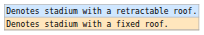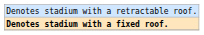 <table class="wikitable">
 <tr>
 <td bgcolor=#d0e7ff>Denotes stadium with a retractable roof.</td>
 </tr>
 <tr>
-<td bgcolor=#ffe6bd>Denotes stadium with a fixed roof.</td>
+<td bgcolor=#ffe6bd><strong>Denotes stadium with a fixed roof.</strong></td>
 </tr>
 <tr>
 </tr>
 </table>
